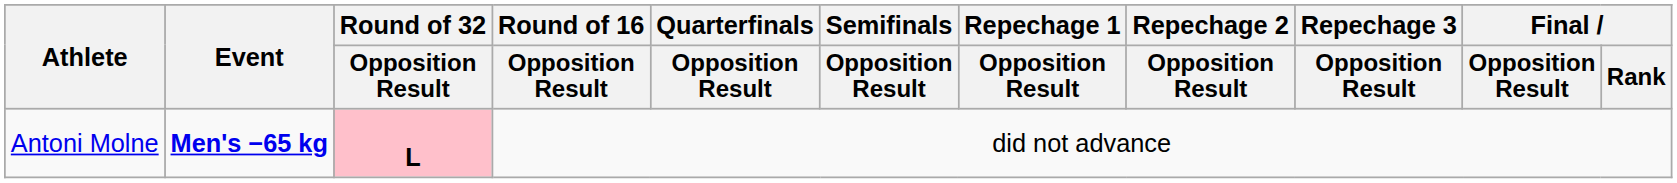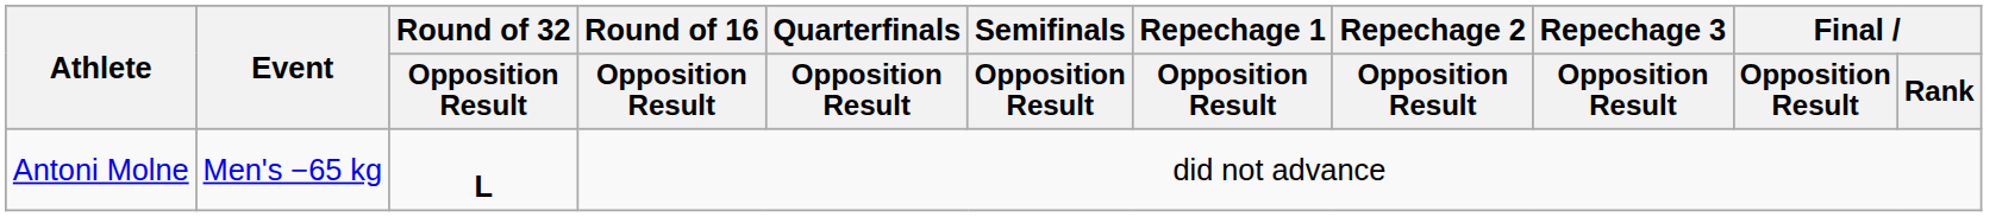 <table class="wikitable" style="font-size:90%">
 <tr>
 <th rowspan="2">Athlete</th>
 <th rowspan="2">Event</th>
 <th>Round of 32</th>
 <th>Round of 16</th>
 <th>Quarterfinals</th>
 <th>Semifinals</th>
 <th>Repechage 1</th>
 <th>Repechage 2</th>
 <th>Repechage 3</th>
 <th colspan=2>Final / </th>
 </tr>
 <tr style="font-size:95%">
 <th>Opposition<br>Result</th>
 <th>Opposition<br>Result</th>
 <th>Opposition<br>Result</th>
 <th>Opposition<br>Result</th>
 <th>Opposition<br>Result</th>
 <th>Opposition<br>Result</th>
 <th>Opposition<br>Result</th>
 <th>Opposition<br>Result</th>
 <th>Rank</th>
 </tr>
 <tr align=center>
 <td align=left><a href='#'>Antoni Molne</a></td>
-<td align=left><strong><a href='#'>Men's −65 kg</a></strong></td>
-<td style="background: pink;"><br><strong>L</strong></td>
+<td align=left><a href='#'>Men's −65 kg</a></td>
+<td><br><strong>L</strong></td>
 <td colspan=8>did not advance</td>
 </tr>
 </table>
